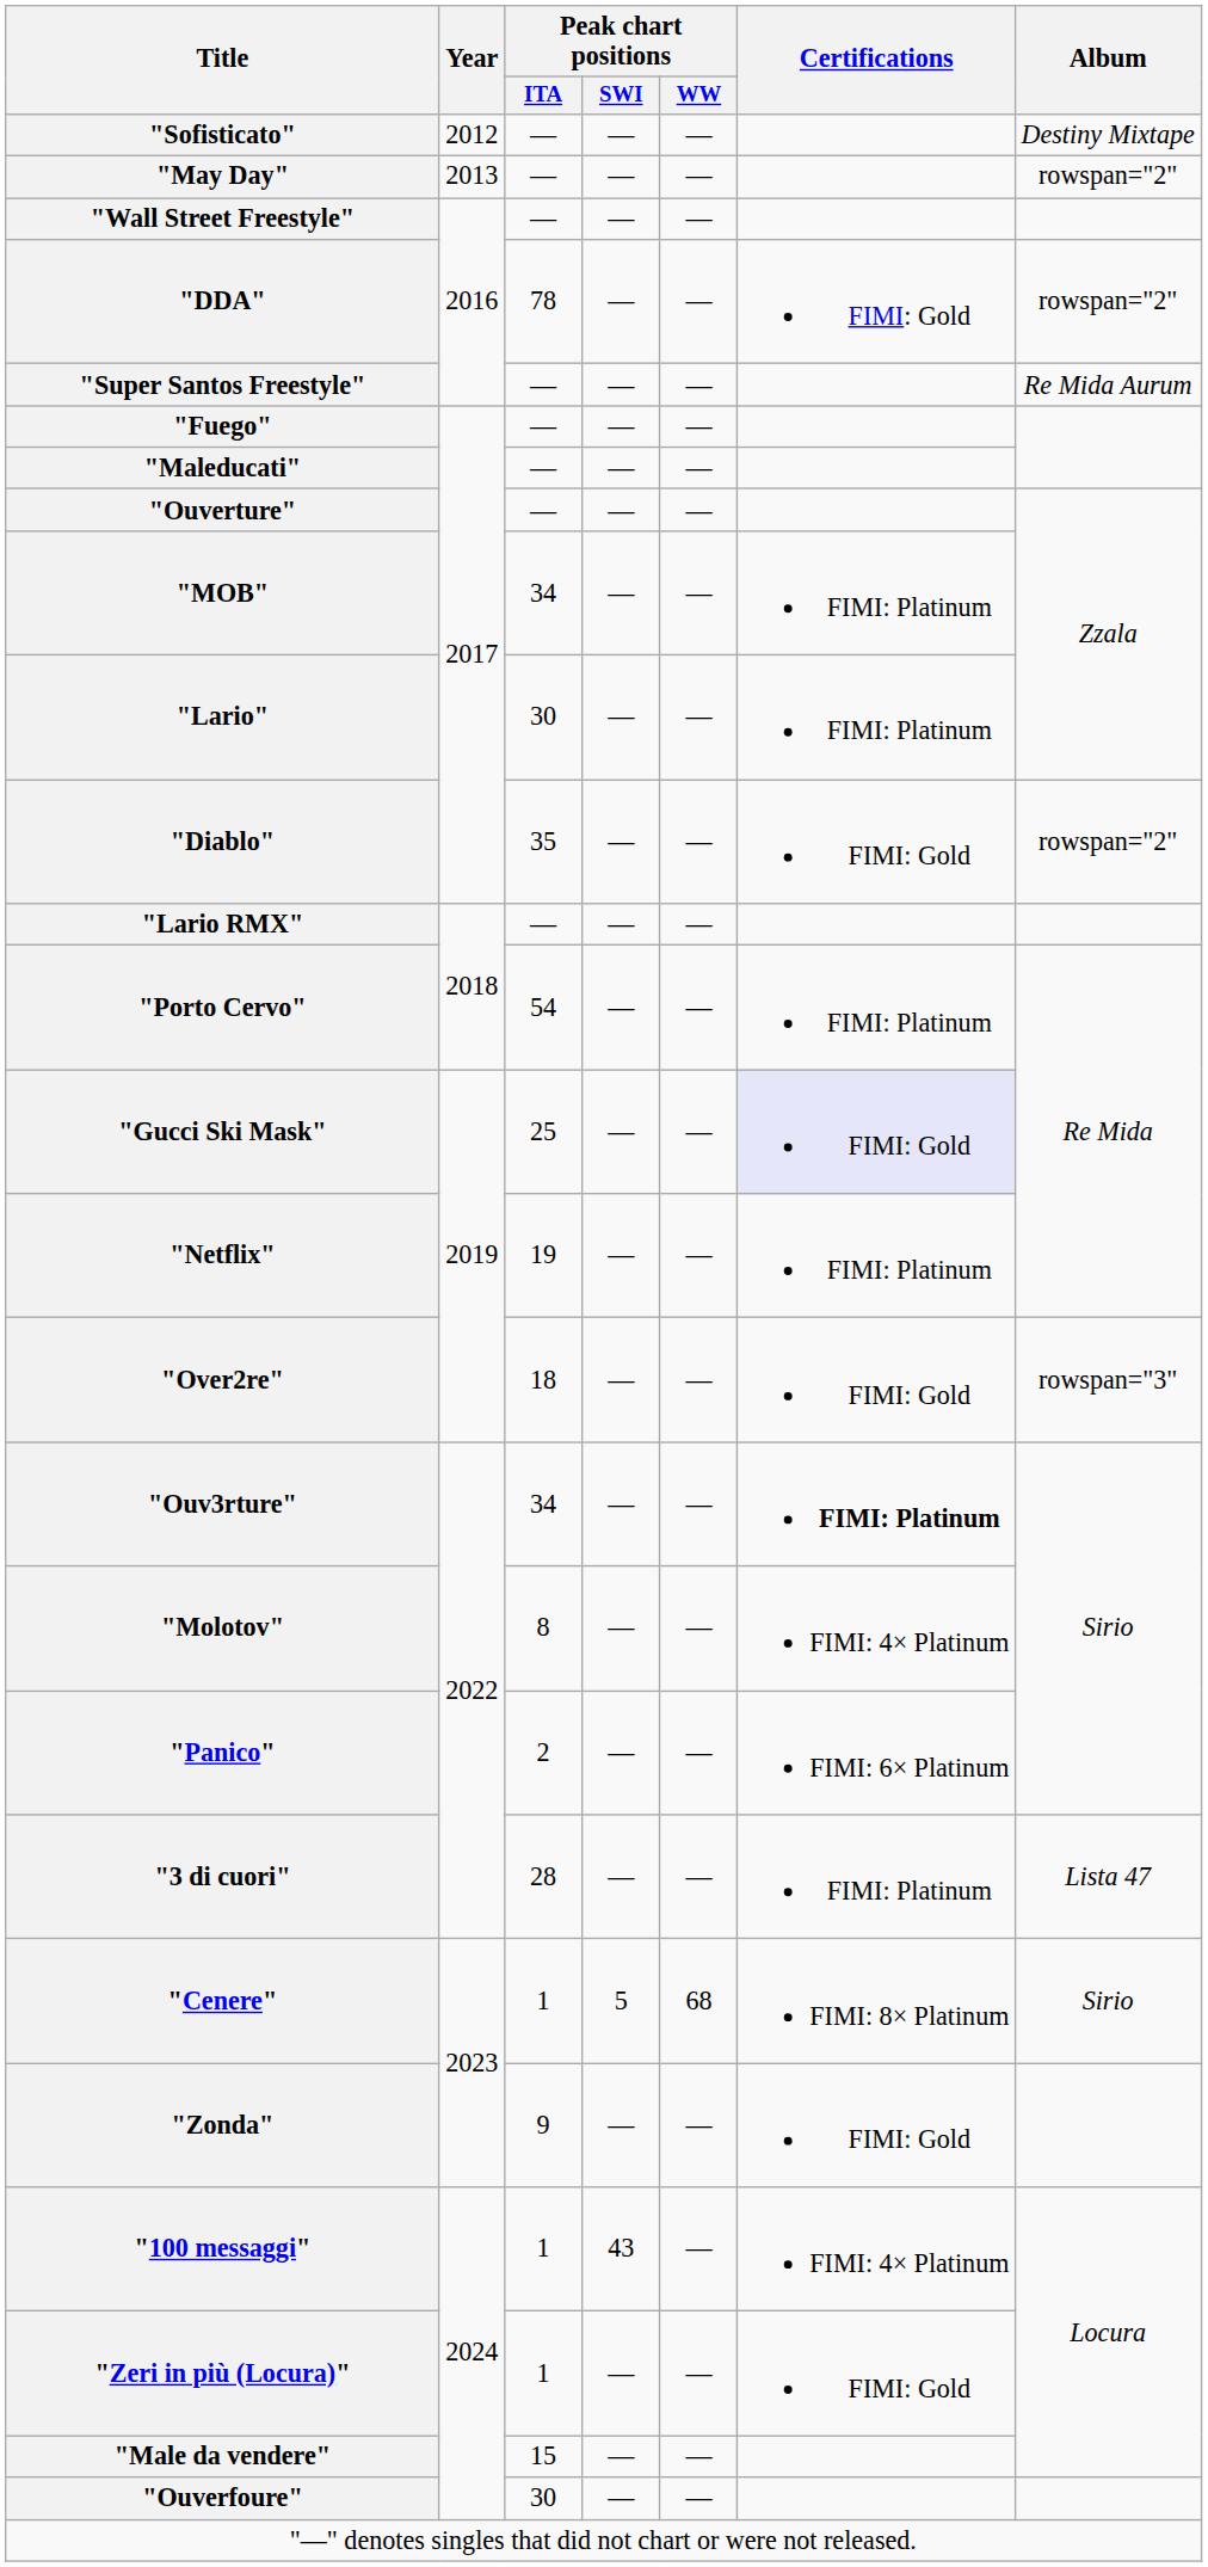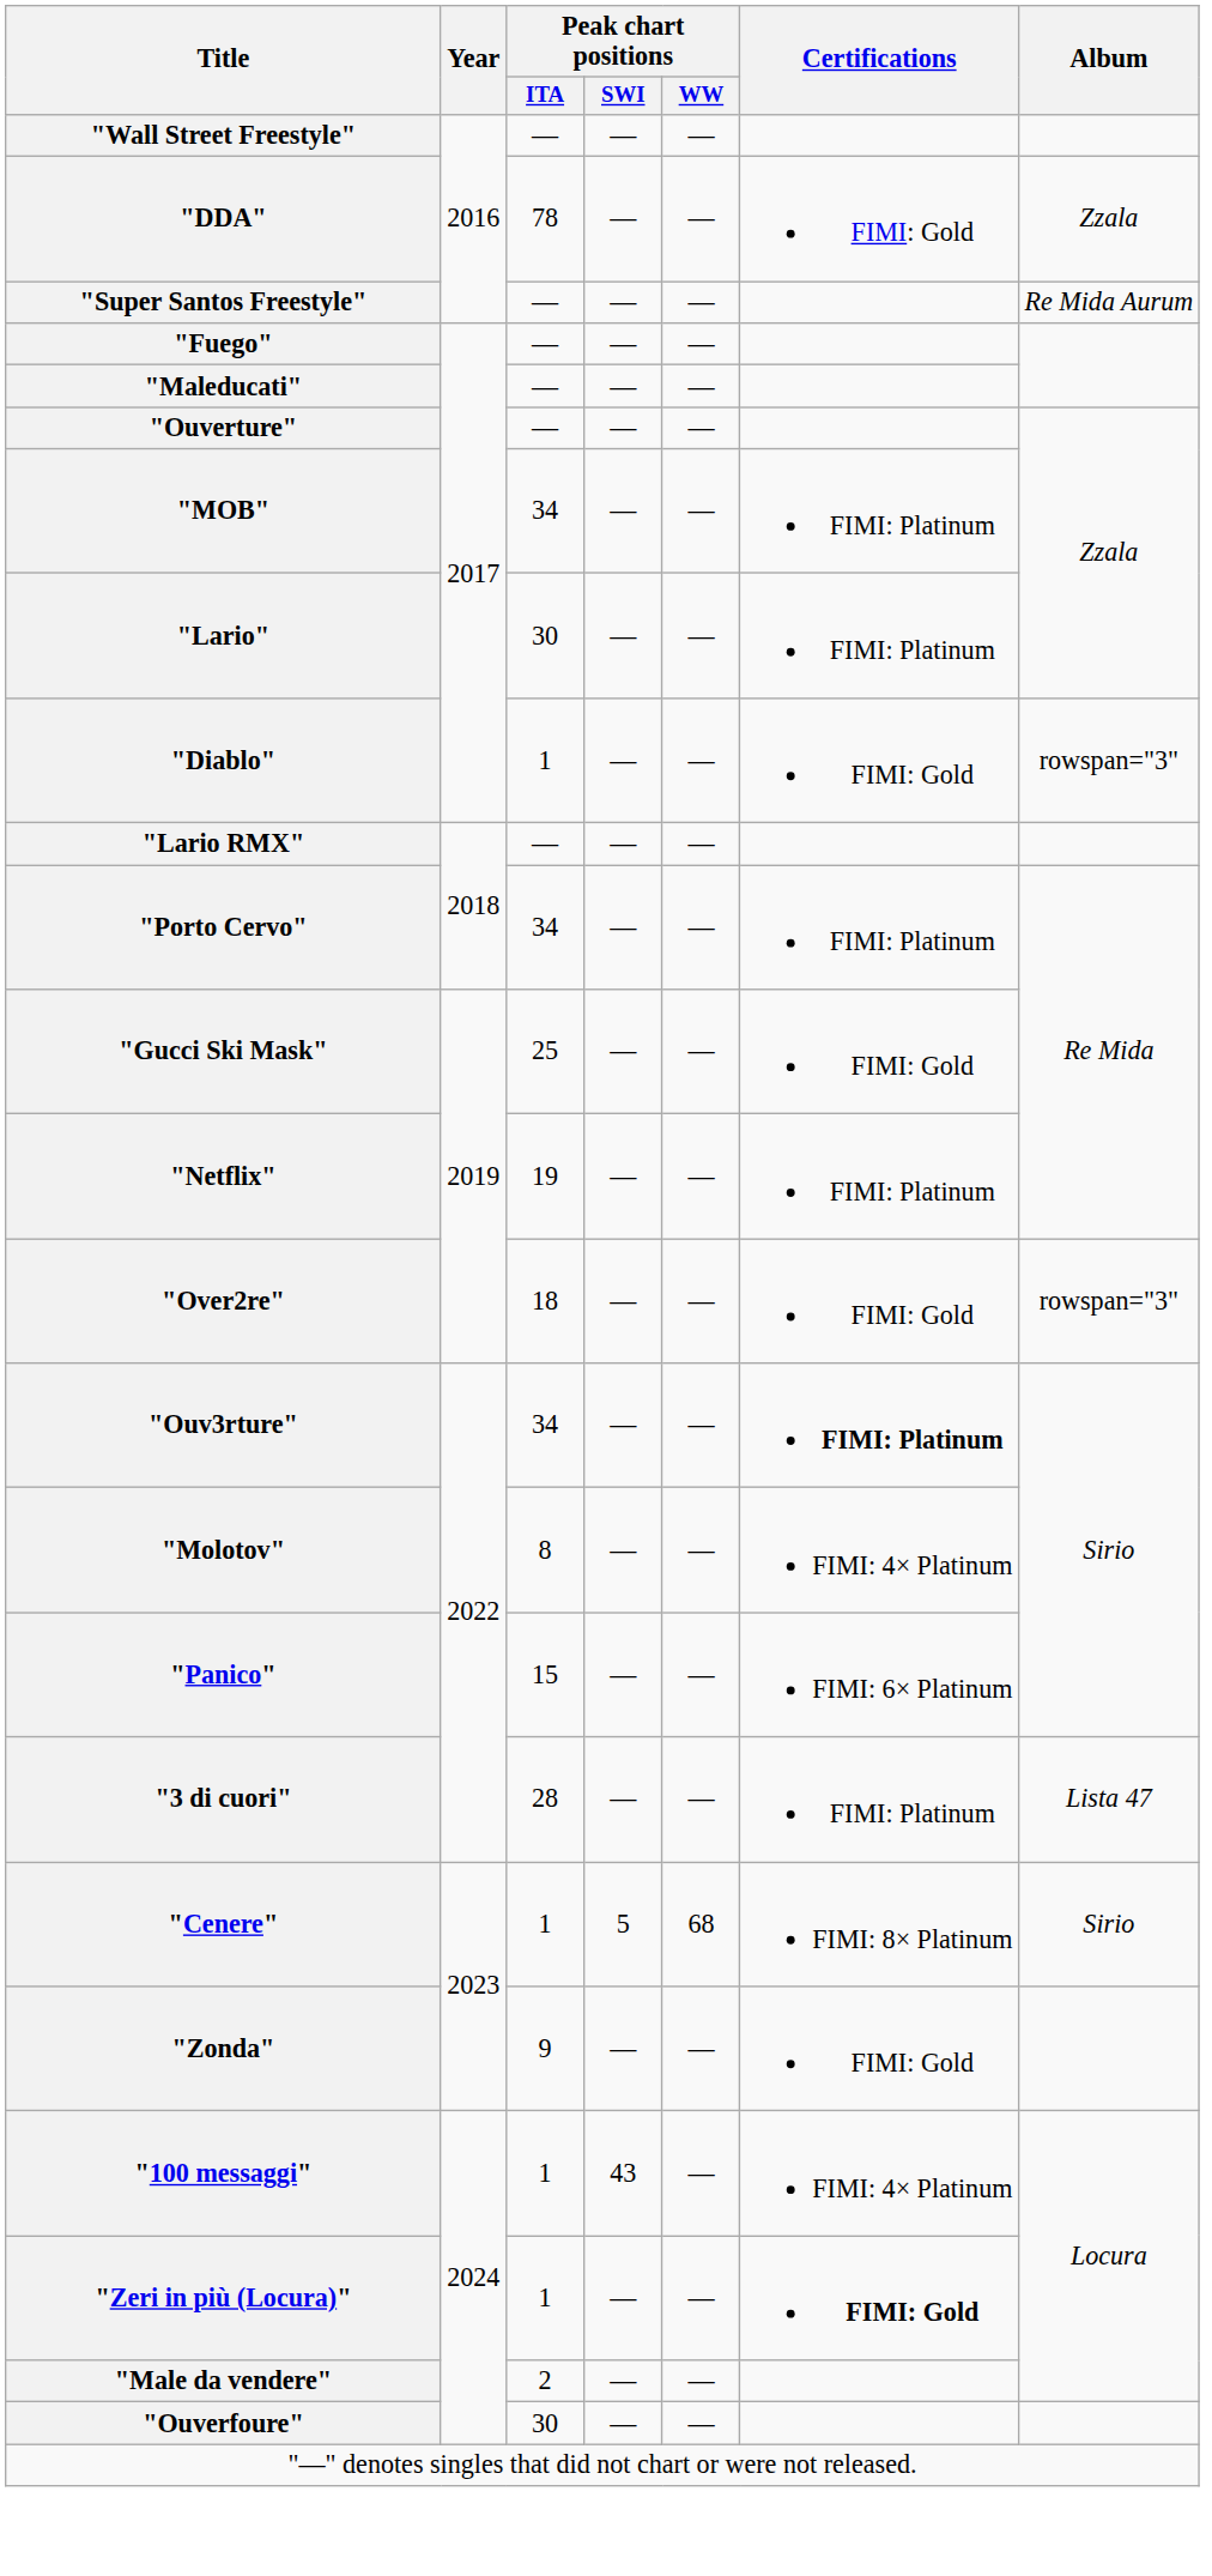 <table class="wikitable plainrowheaders" style="text-align:center;">
 <tr>
 <th scope="col" rowspan="2" style="width:16em;">Title</th>
 <th scope="col" rowspan="2" style="width:1em;">Year</th>
 <th scope="col" colspan="3">Peak chart positions</th>
 <th scope="col" rowspan="2"><a href='#'>Certifications</a></th>
 <th scope="col" rowspan="2">Album</th>
 </tr>
 <tr>
 <th scope="col" style="width:3em;font-size:85%;"><a href='#'>ITA</a><br></th>
 <th scope="col" style="width:3em;font-size:85%;"><a href='#'>SWI</a><br></th>
 <th scope="col" style="width:3em;font-size:85%;"><a href='#'>WW</a><br></th>
-</tr>
-<tr>
-<th scope="row">"Sofisticato"</th>
-<td>2012</td>
-<td>—</td>
-<td>—</td>
-<td>—</td>
-<td></td>
-<td><em>Destiny Mixtape</em></td>
-</tr>
-<tr>
-<th scope="row">"May Day"</th>
-<td>2013</td>
-<td>—</td>
-<td>—</td>
-<td>—</td>
-<td></td>
-<td>rowspan="2" </td>
 </tr>
 <tr>
 <th scope="row">"Wall Street Freestyle"</th>
 <td rowspan="3">2016</td>
 <td>—</td>
 <td>—</td>
 <td>—</td>
 <td></td>
 </tr>
 <tr>
 <th scope="row">"DDA"</th>
 <td>78</td>
 <td>—</td>
 <td>—</td>
 <td><br><ul><li><a href='#'>FIMI</a>: Gold</li></ul></td>
-<td>rowspan="2" </td>
+<td><em>Zzala</em></td>
 </tr>
 <tr>
 <th scope="row">"Super Santos Freestyle"</th>
 <td>—</td>
 <td>—</td>
 <td>—</td>
 <td></td>
 <td><em>Re Mida Aurum</em></td>
 </tr>
 <tr>
 <th scope="row">"Fuego"</th>
 <td rowspan="6">2017</td>
 <td>—</td>
 <td>—</td>
 <td>—</td>
 <td></td>
 </tr>
 <tr>
 <th scope="row">"Maleducati"</th>
 <td>—</td>
 <td>—</td>
 <td>—</td>
 <td></td>
 </tr>
 <tr>
 <th scope="row">"Ouverture"</th>
 <td>—</td>
 <td>—</td>
 <td>—</td>
 <td></td>
 <td rowspan="3"><em>Zzala</em></td>
 </tr>
 <tr>
 <th scope="row">"MOB"<br></th>
 <td>34</td>
 <td>—</td>
 <td>—</td>
 <td><br><ul><li>FIMI: Platinum</li></ul></td>
 </tr>
 <tr>
 <th scope="row">"Lario"</th>
 <td>30<br></td>
 <td>—</td>
 <td>—</td>
 <td><br><ul><li>FIMI: Platinum</li></ul></td>
 </tr>
 <tr>
 <th scope="row">"Diablo"</th>
-<td>35</td>
+<td>1</td>
 <td>—</td>
 <td>—</td>
 <td><br><ul><li>FIMI: Gold</li></ul></td>
-<td>rowspan="2" </td>
+<td>rowspan="3" </td>
 </tr>
 <tr>
 <th scope="row">"Lario RMX"<br></th>
 <td rowspan="2">2018</td>
 <td>—</td>
 <td>—</td>
 <td>—</td>
 <td></td>
 </tr>
 <tr>
 <th scope="row">"Porto Cervo"</th>
-<td>54</td>
+<td>34</td>
 <td>—</td>
 <td>—</td>
 <td><br><ul><li>FIMI: Platinum</li></ul></td>
 <td rowspan="3"><em>Re Mida</em></td>
 </tr>
 <tr>
 <th scope="row">"Gucci Ski Mask"<br></th>
 <td rowspan="3">2019</td>
 <td>25</td>
 <td>—</td>
 <td>—</td>
-<td style="background: lavender;"><br><ul><li>FIMI: Gold</li></ul></td>
+<td><br><ul><li>FIMI: Gold</li></ul></td>
 </tr>
 <tr>
 <th scope="row">"Netflix"</th>
 <td>19</td>
 <td>—</td>
 <td>—</td>
 <td><br><ul><li>FIMI: Platinum</li></ul></td>
 </tr>
 <tr>
 <th scope="row">"Over2re"</th>
 <td>18</td>
 <td>—</td>
 <td>—</td>
 <td><br><ul><li>FIMI: Gold</li></ul></td>
 <td>rowspan="3" </td>
 </tr>
 <tr>
 <th scope="row">"Ouv3rture"</th>
 <td rowspan="4">2022</td>
 <td>34</td>
 <td>—</td>
 <td>—</td>
 <td><strong><br><ul><li>FIMI: Platinum</li></ul></strong></td>
 <td rowspan="3"><em>Sirio</em></td>
 </tr>
 <tr>
 <th scope="row">"Molotov"</th>
 <td>8</td>
 <td>—</td>
 <td>—</td>
 <td><br><ul><li>FIMI: 4× Platinum</li></ul></td>
 </tr>
 <tr>
 <th scope="row">"<a href='#'>Panico</a>"<br></th>
-<td>2</td>
+<td>15<br></td>
 <td>—</td>
 <td>—</td>
 <td><br><ul><li>FIMI: 6× Platinum</li></ul></td>
 </tr>
 <tr>
 <th scope="row">"3 di cuori"<br></th>
 <td>28</td>
 <td>—</td>
 <td>—</td>
 <td><br><ul><li>FIMI: Platinum</li></ul></td>
 <td><em>Lista 47</em></td>
 </tr>
 <tr>
 <th scope="row">"<a href='#'>Cenere</a>"</th>
 <td rowspan="2">2023</td>
 <td>1</td>
 <td>5</td>
 <td>68</td>
 <td><br><ul><li>FIMI: 8× Platinum</li></ul></td>
 <td><em>Sirio</em></td>
 </tr>
 <tr>
 <th scope="row">"Zonda"</th>
 <td>9</td>
 <td>—</td>
 <td>—</td>
 <td><br><ul><li>FIMI: Gold</li></ul></td>
 <td></td>
 </tr>
 <tr>
 <th scope="row">"<a href='#'>100 messaggi</a>"</th>
 <td rowspan="4">2024</td>
 <td>1</td>
 <td>43</td>
 <td>—</td>
 <td><br><ul><li>FIMI: 4× Platinum</li></ul></td>
 <td rowspan="3"><em>Locura</em></td>
 </tr>
 <tr>
 <th scope="row">"<a href='#'>Zeri in più (Locura)</a>"<br></th>
 <td>1</td>
 <td>—</td>
 <td>—</td>
-<td><br><ul><li>FIMI: Gold</li></ul></td>
+<td><strong><br><ul><li>FIMI: Gold</li></ul></strong></td>
 </tr>
 <tr>
 <th scope="row">"Male da vendere"</th>
-<td>15<br></td>
+<td>2</td>
 <td>—</td>
 <td>—</td>
 <td></td>
 </tr>
 <tr>
 <th scope="row">"Ouverfoure"</th>
 <td>30<br></td>
 <td>—</td>
 <td>—</td>
 <td></td>
 <td></td>
 </tr>
 <tr>
 <td colspan="7">"—" denotes singles that did not chart or were not released.</td>
 </tr>
 </table>
